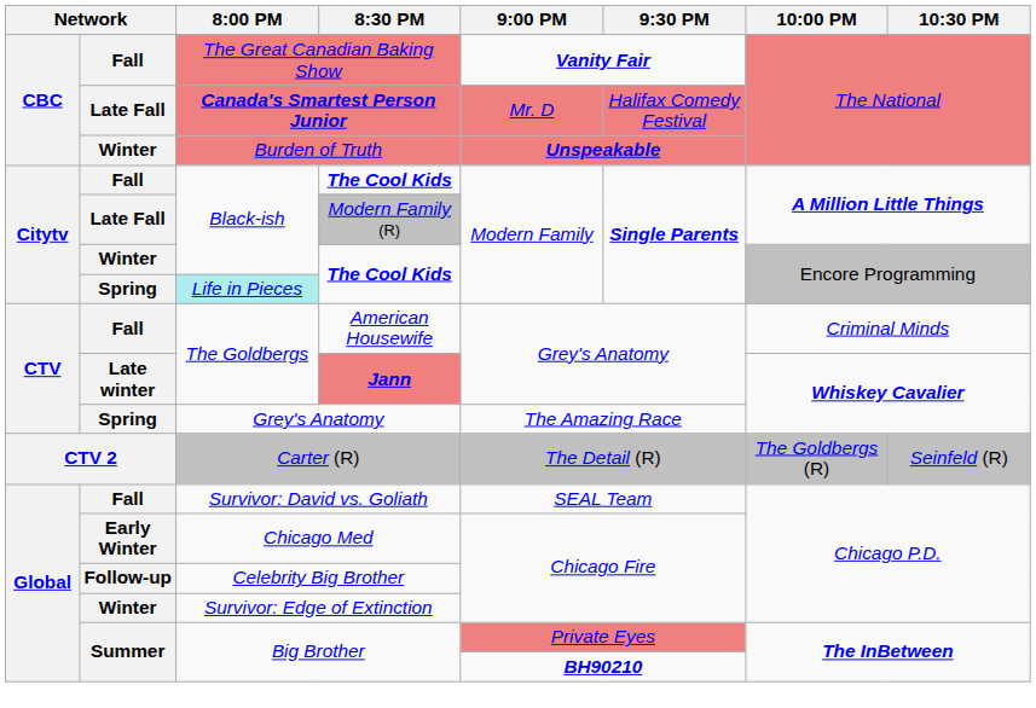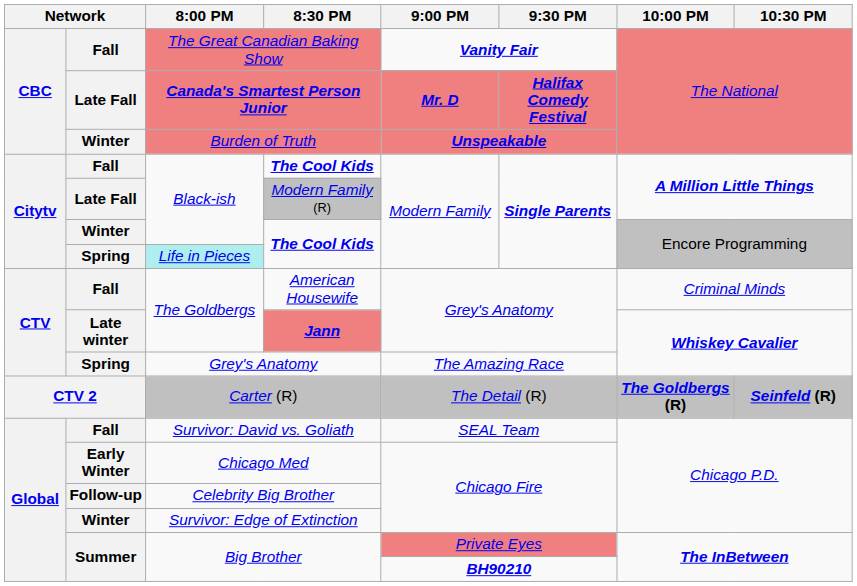 <table class="wikitable" style="width:100%;margin-right:0;text-align:center">
 <tr>
 <th colspan="2" style="width:10%;">Network</th>
 <th style="width:11.5%;">8:00 PM</th>
 <th style="width:11.5%;">8:30 PM</th>
 <th style="width:11.5%;">9:00 PM</th>
 <th style="width:11.5%;">9:30 PM</th>
 <th style="width:11.5%;">10:00 PM</th>
 <th style="width:11.5%;">10:30 PM</th>
 </tr>
 <tr>
 <th rowspan="3"><a href='#'>CBC</a></th>
 <th>Fall</th>
 <td colspan="2" style="background:#f08080;"><em><a href='#'>The Great Canadian Baking Show</a></em></td>
 <td colspan="2"><strong><em><a href='#'>Vanity Fair</a></em></strong></td>
 <td rowspan="3" colspan="2" style="background:#f08080;"><em><a href='#'>The National</a></em></td>
 </tr>
 <tr>
 <th>Late Fall</th>
 <td colspan="2" style="background:#f08080;"><strong><em><a href='#'>Canada's Smartest Person Junior</a></em></strong></td>
-<td style="background:#f08080;"><em><a href='#'>Mr. D</a></em></td>
-<td style="background:#f08080;"><em><a href='#'>Halifax Comedy Festival</a></em></td>
+<td style="background:#f08080;"><strong><em><a href='#'>Mr. D</a></em></strong></td>
+<td style="background:#f08080;"><strong><em><a href='#'>Halifax Comedy Festival</a></em></strong></td>
 </tr>
 <tr>
 <th>Winter</th>
 <td colspan="2" style="background:#f08080;"><em><a href='#'>Burden of Truth</a></em></td>
 <td colspan="2" style="background:#f08080;"><strong><em><a href='#'>Unspeakable</a></em></strong></td>
 </tr>
 <tr>
 <th colspan="1" rowspan="4"><a href='#'>Citytv</a></th>
 <th>Fall</th>
 <td rowspan="3"><em><a href='#'>Black-ish</a></em></td>
 <td><strong><em><a href='#'>The Cool Kids</a></em></strong></td>
 <td rowspan="4"><em><a href='#'>Modern Family</a></em></td>
 <td rowspan="4"><strong><em><a href='#'>Single Parents</a></em></strong></td>
 <td rowspan="2" colspan="2"><strong><em><a href='#'>A Million Little Things</a></em></strong></td>
 </tr>
 <tr>
 <th>Late Fall</th>
 <td style="background:silver;"><em><a href='#'>Modern Family</a></em> <small>(R)</small></td>
 </tr>
 <tr>
 <th>Winter</th>
 <td rowspan="2"><strong><em><a href='#'>The Cool Kids</a></em></strong></td>
 <td rowspan="2" colspan="2" style="background:silver;">Encore Programming</td>
 </tr>
 <tr>
 <th>Spring</th>
 <td style="background: paleturquoise;"><em><a href='#'>Life in Pieces</a></em></td>
 </tr>
 <tr>
 <th rowspan="3"><a href='#'>CTV</a></th>
 <th>Fall</th>
 <td rowspan="2"><em><a href='#'>The Goldbergs</a></em></td>
 <td rowspan="1"><em><a href='#'>American Housewife</a></em></td>
 <td rowspan="2" colspan="2"><em><a href='#'>Grey's Anatomy</a></em></td>
 <td colspan="2"><em><a href='#'>Criminal Minds</a></em></td>
 </tr>
 <tr>
 <th>Late winter</th>
 <td rowspan="1"  style="background:#f08080;"><strong><em><a href='#'>Jann</a></em></strong></td>
 <td rowspan="2" colspan="2"><strong><em><a href='#'>Whiskey Cavalier</a></em></strong></td>
 </tr>
 <tr>
 <th>Spring</th>
 <td colspan="2"><em><a href='#'>Grey's Anatomy</a></em></td>
 <td colspan="2"><em><a href='#'>The Amazing Race</a></em></td>
 </tr>
 <tr>
 <th colspan="2"><a href='#'>CTV 2</a></th>
 <td colspan="2" style="background:silver;"><em><a href='#'>Carter</a></em> (R)</td>
 <td colspan="2" style="background:silver;"><em><a href='#'>The Detail</a></em> (R)</td>
-<td style="background:silver;"><em><a href='#'>The Goldbergs</a></em> (R)</td>
-<td style="background:silver;"><em><a href='#'>Seinfeld</a></em> (R)</td>
+<td style="background:silver;"><strong><em><a href='#'>The Goldbergs</a></em> (R)</strong></td>
+<td style="background:silver;"><strong><em><a href='#'>Seinfeld</a></em> (R)</strong></td>
 </tr>
 <tr>
 <th rowspan=6><a href='#'>Global</a></th>
 <th>Fall</th>
 <td colspan=2><em><a href='#'>Survivor: David vs. Goliath</a></em></td>
 <td colspan=2><em><a href='#'>SEAL Team</a></em></td>
 <td colspan=2 rowspan=4><em><a href='#'>Chicago P.D.</a></em></td>
 </tr>
 <tr>
 <th>Early Winter</th>
 <td colspan=2><em><a href='#'>Chicago Med</a></em></td>
 <td colspan=2 rowspan=3><em><a href='#'>Chicago Fire</a></em></td>
 </tr>
 <tr>
 <th>Follow-up</th>
 <td colspan=2><em><a href='#'>Celebrity Big Brother</a></em></td>
 </tr>
 <tr>
 <th>Winter</th>
 <td colspan=2><em><a href='#'>Survivor: Edge of Extinction</a></em></td>
 </tr>
 <tr>
 <th rowspan=2>Summer</th>
 <td colspan=2 rowspan=2><em><a href='#'>Big Brother</a></em></td>
 <td colspan=2 style=background:#f08080><em><a href='#'>Private Eyes</a></em></td>
 <td colspan=2 rowspan=2><strong><em><a href='#'>The InBetween</a></em></strong></td>
 </tr>
 <tr>
 <td colspan=2><strong><em><a href='#'>BH90210</a></em></strong></td>
 </tr>
 </table>
